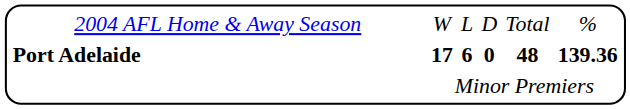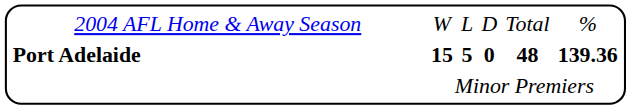 <table style="margin-right:4px; margin-top:8px; float:right; border:1px #000 solid; border-radius:8px; background:#fff; font-family:Verdana; font-size:8pt; text-align:center;">
 <tr>
 <td width=200><em><a href='#'>2004 AFL Home & Away Season</a></em></td>
 <td><em>W</em></td>
 <td><em>L</em></td>
 <td><em>D</em></td>
 <td><em>Total</em></td>
 <td><em>%</em></td>
 </tr>
 <tr>
 <td style="text-align:left"><strong>Port Adelaide</strong></td>
-<td><strong>17</strong></td>
-<td><strong>6</strong></td>
+<td><strong>15</strong></td>
+<td><strong>5</strong></td>
 <td><strong>0</strong></td>
 <td><strong>48</strong></td>
 <td><strong>139.36</strong></td>
 </tr>
 <tr>
 <td></td>
 <td colspan=9><em>Minor Premiers</em></td>
 </tr>
 </table>
